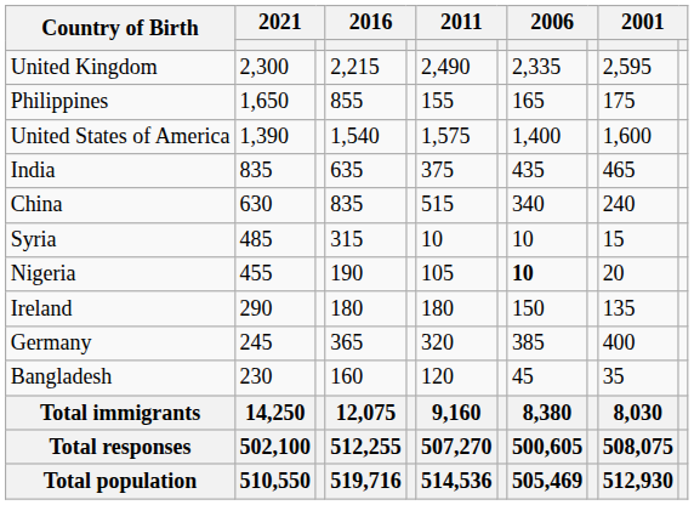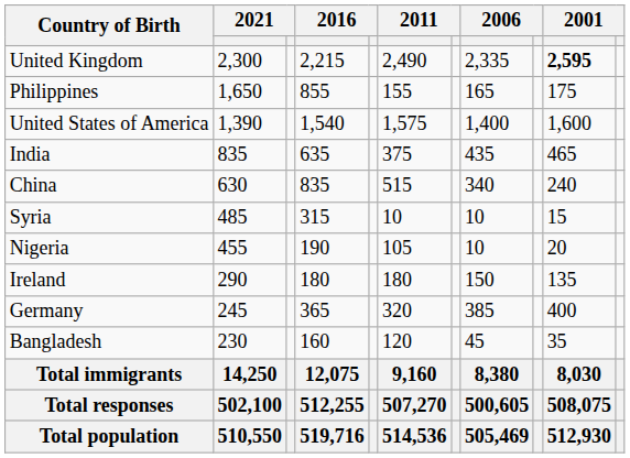 <table class="wikitable sortable">
 <tr>
 <th rowspan="2">Country of Birth</th>
 <th colspan="2">2021</th>
 <th colspan="2">2016</th>
 <th colspan="2">2011</th>
 <th colspan="2">2006</th>
 <th colspan="2">2001</th>
 </tr>
 <tr>
 <th><a href='#'></a></th>
 <th></th>
 <th></th>
 <th></th>
 <th></th>
 <th></th>
 <th></th>
 <th></th>
 <th></th>
 <th></th>
 </tr>
 <tr>
 <td>United Kingdom</td>
 <td>2,300</td>
 <td></td>
 <td>2,215</td>
 <td></td>
 <td>2,490</td>
 <td></td>
 <td>2,335</td>
 <td></td>
-<td>2,595</td>
+<td><strong>2,595</strong></td>
 <td></td>
 </tr>
 <tr>
 <td>Philippines</td>
 <td>1,650</td>
 <td></td>
 <td>855</td>
 <td></td>
 <td>155</td>
 <td></td>
 <td>165</td>
 <td></td>
 <td>175</td>
 <td></td>
 </tr>
 <tr>
 <td>United States of America</td>
 <td>1,390</td>
 <td></td>
 <td>1,540</td>
 <td></td>
 <td>1,575</td>
 <td></td>
 <td>1,400</td>
 <td></td>
 <td>1,600</td>
 <td></td>
 </tr>
 <tr>
 <td>India</td>
 <td>835</td>
 <td></td>
 <td>635</td>
 <td></td>
 <td>375</td>
 <td></td>
 <td>435</td>
 <td></td>
 <td>465</td>
 <td></td>
 </tr>
 <tr>
 <td>China</td>
 <td>630</td>
 <td></td>
 <td>835</td>
 <td></td>
 <td>515</td>
 <td></td>
 <td>340</td>
 <td></td>
 <td>240</td>
 <td></td>
 </tr>
 <tr>
 <td>Syria</td>
 <td>485</td>
 <td></td>
 <td>315</td>
 <td></td>
 <td>10</td>
 <td></td>
 <td>10</td>
 <td></td>
 <td>15</td>
 <td></td>
 </tr>
 <tr>
 <td>Nigeria</td>
 <td>455</td>
 <td></td>
 <td>190</td>
 <td></td>
 <td>105</td>
 <td></td>
-<td><strong>10</strong></td>
+<td>10</td>
 <td></td>
 <td>20</td>
 <td></td>
 </tr>
 <tr>
 <td>Ireland</td>
 <td>290</td>
 <td></td>
 <td>180</td>
 <td></td>
 <td>180</td>
 <td></td>
 <td>150</td>
 <td></td>
 <td>135</td>
 <td></td>
 </tr>
 <tr>
 <td>Germany</td>
 <td>245</td>
 <td></td>
 <td>365</td>
 <td></td>
 <td>320</td>
 <td></td>
 <td>385</td>
 <td></td>
 <td>400</td>
 <td></td>
 </tr>
 <tr>
 <td>Bangladesh</td>
 <td>230</td>
 <td></td>
 <td>160</td>
 <td></td>
 <td>120</td>
 <td></td>
 <td>45</td>
 <td></td>
 <td>35</td>
 <td></td>
 </tr>
 <tr>
 <th>Total immigrants</th>
 <th>14,250</th>
 <th></th>
 <th>12,075</th>
 <th></th>
 <th>9,160</th>
 <th></th>
 <th>8,380</th>
 <th></th>
 <th>8,030</th>
 <th></th>
 </tr>
 <tr class="sortbottom">
 <th>Total responses</th>
 <th>502,100</th>
 <th></th>
 <th>512,255</th>
 <th></th>
 <th>507,270</th>
 <th></th>
 <th>500,605</th>
 <th></th>
 <th>508,075</th>
 <th></th>
 </tr>
 <tr class="sortbottom">
 <th>Total population</th>
 <th>510,550</th>
 <th></th>
 <th>519,716</th>
 <th></th>
 <th>514,536</th>
 <th></th>
 <th>505,469</th>
 <th></th>
 <th>512,930</th>
 <th></th>
 </tr>
 </table>
